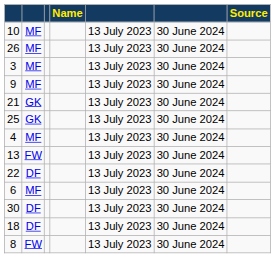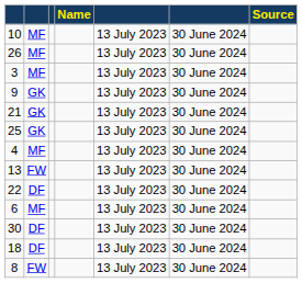 <table class="wikitable plainrowheaders sortable" style="text-align:center">
 <tr>
 <th style="background:#133A61; color:#FFED00; "></th>
 <th style="background:#133A61; color:#FFED00; "></th>
 <th style="background:#133A61; color:#FFED00; "></th>
 <th style="background:#133A61; color:#FFED00; "><strong>Name</strong></th>
 <th style="background:#133A61; color:#FFED00; "></th>
 <th style="background:#133A61; color:#FFED00; "></th>
 <th style="background:#133A61; color:#FFED00; "><strong>Source</strong></th>
 </tr>
 <tr>
 <td style="text-align:center;">10</td>
 <td style="text-align:center;"><a href='#'>MF</a></td>
 <td style="text-align:center;"></td>
 <td></td>
 <td>13 July 2023</td>
 <td>30 June 2024</td>
 <td style="text-align:center;"></td>
 </tr>
 <tr>
 <td style="text-align:center;">26</td>
 <td style="text-align:center;"><a href='#'>MF</a></td>
 <td style="text-align:center;"></td>
 <td></td>
 <td>13 July 2023</td>
 <td>30 June 2024</td>
 <td style="text-align:center;"></td>
 </tr>
 <tr>
 <td style="text-align:center;">3</td>
 <td style="text-align:center;"><a href='#'>MF</a></td>
 <td style="text-align:center;"></td>
 <td></td>
 <td>13 July 2023</td>
 <td>30 June 2024</td>
 <td style="text-align:center;"></td>
 </tr>
 <tr>
 <td style="text-align:center;">9</td>
-<td style="text-align:center;"><a href='#'>MF</a></td>
+<td style="text-align:center;"><a href='#'>GK</a></td>
 <td style="text-align:center;"></td>
 <td></td>
 <td>13 July 2023</td>
 <td>30 June 2024</td>
 <td style="text-align:center;"></td>
 </tr>
 <tr>
 <td style="text-align:center;">21</td>
 <td style="text-align:center;"><a href='#'>GK</a></td>
 <td style="text-align:center;"></td>
 <td></td>
 <td>13 July 2023</td>
 <td>30 June 2024</td>
 <td style="text-align:center;"></td>
 </tr>
 <tr>
 <td style="text-align:center;">25</td>
 <td style="text-align:center;"><a href='#'>GK</a></td>
 <td style="text-align:center;"></td>
 <td></td>
 <td>13 July 2023</td>
 <td>30 June 2024</td>
 <td style="text-align:center;"></td>
 </tr>
 <tr>
 <td style="text-align:center;">4</td>
 <td style="text-align:center;"><a href='#'>MF</a></td>
 <td style="text-align:center;"></td>
 <td></td>
 <td>13 July 2023</td>
 <td>30 June 2024</td>
 <td style="text-align:center;"></td>
 </tr>
 <tr>
 <td style="text-align:center;">13</td>
 <td style="text-align:center;"><a href='#'>FW</a></td>
 <td style="text-align:center;"></td>
 <td></td>
 <td>13 July 2023</td>
 <td>30 June 2024</td>
 <td style="text-align:center;"></td>
 </tr>
 <tr>
 <td style="text-align:center;">22</td>
 <td style="text-align:center;"><a href='#'>DF</a></td>
 <td style="text-align:center;"></td>
 <td></td>
 <td>13 July 2023</td>
 <td>30 June 2024</td>
 <td style="text-align:center;"></td>
 </tr>
 <tr>
 <td style="text-align:center;">6</td>
 <td style="text-align:center;"><a href='#'>MF</a></td>
 <td style="text-align:center;"></td>
 <td></td>
 <td>13 July 2023</td>
 <td>30 June 2024</td>
 <td style="text-align:center;"></td>
 </tr>
 <tr>
 <td style="text-align:center;">30</td>
 <td style="text-align:center;"><a href='#'>DF</a></td>
 <td style="text-align:center;"></td>
 <td></td>
 <td>13 July 2023</td>
 <td>30 June 2024</td>
 <td style="text-align:center;"></td>
 </tr>
 <tr>
 <td style="text-align:center;">18</td>
 <td style="text-align:center;"><a href='#'>DF</a></td>
 <td style="text-align:center;"></td>
 <td></td>
 <td>13 July 2023</td>
 <td>30 June 2024</td>
 <td style="text-align:center;"></td>
 </tr>
 <tr>
 <td style="text-align:center;">8</td>
 <td style="text-align:center;"><a href='#'>FW</a></td>
 <td style="text-align:center;"></td>
 <td></td>
 <td>13 July 2023</td>
 <td>30 June 2024</td>
 <td style="text-align:center;"></td>
 </tr>
 </table>
